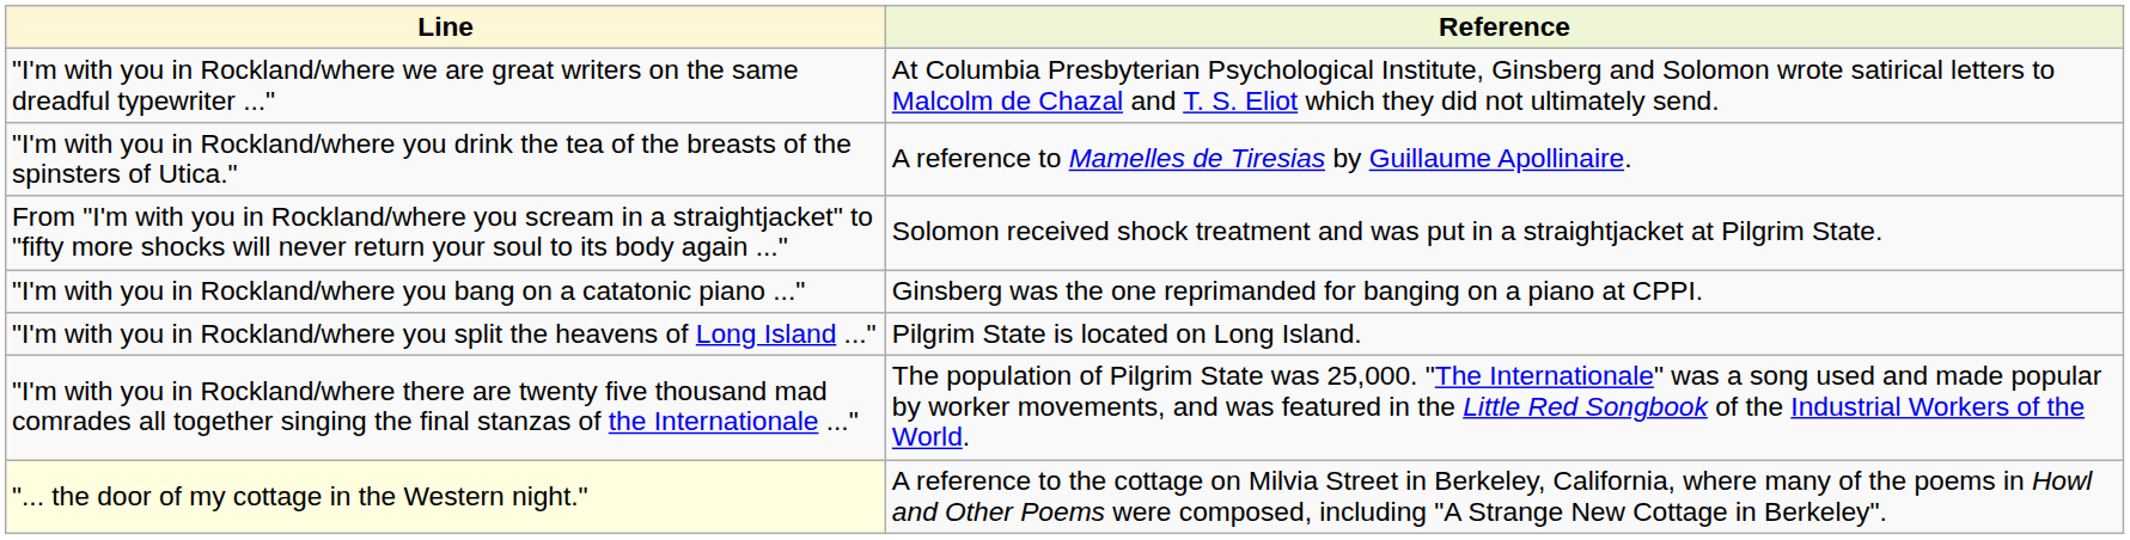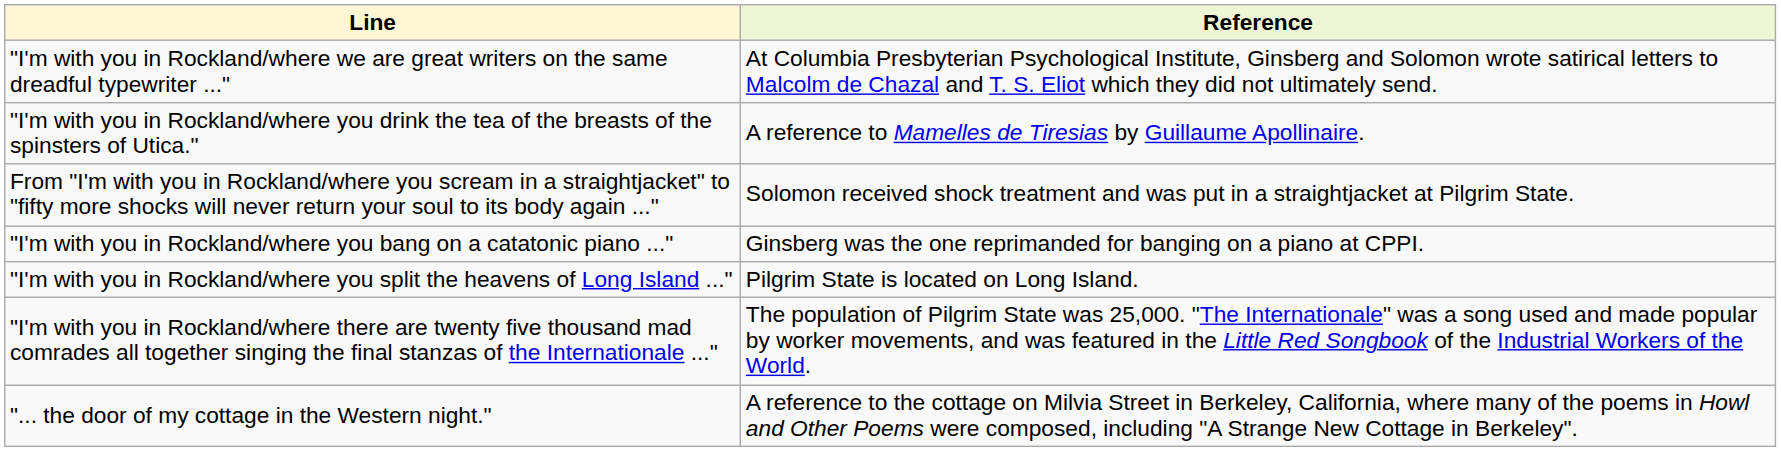 <table class="wikitable">
 <tr>
 <th style="background:#FFF6D6;">Line</th>
 <th colspan="2" style="background:#EEF6D6;">Reference</th>
 </tr>
 <tr>
 <td>"I'm with you in Rockland/where we are great writers on the same dreadful typewriter ..."</td>
 <td>At Columbia Presbyterian Psychological Institute, Ginsberg and Solomon wrote satirical letters to <a href='#'>Malcolm de Chazal</a> and <a href='#'>T. S. Eliot</a> which they did not ultimately send.</td>
 </tr>
 <tr>
 <td>"I'm with you in Rockland/where you drink the tea of the breasts of the spinsters of Utica."</td>
 <td>A reference to <em><a href='#'>Mamelles de Tiresias</a></em> by <a href='#'>Guillaume Apollinaire</a>.</td>
 </tr>
 <tr>
 <td>From "I'm with you in Rockland/where you scream in a straightjacket" to "fifty more shocks will never return your soul to its body again ..."</td>
 <td>Solomon received shock treatment and was put in a straightjacket at Pilgrim State.</td>
 </tr>
 <tr>
 <td>"I'm with you in Rockland/where you bang on a catatonic piano ..."</td>
 <td>Ginsberg was the one reprimanded for banging on a piano at CPPI.</td>
 </tr>
 <tr>
 <td>"I'm with you in Rockland/where you split the heavens of <a href='#'>Long Island</a> ..."</td>
 <td>Pilgrim State is located on Long Island.</td>
 </tr>
 <tr>
 <td>"I'm with you in Rockland/where there are twenty five thousand mad comrades all together singing the final stanzas of <a href='#'>the Internationale</a> ..."</td>
 <td>The population of Pilgrim State was 25,000. "<a href='#'>The Internationale</a>" was a song used and made popular by worker movements, and was featured in the <em><a href='#'>Little Red Songbook</a></em> of the <a href='#'>Industrial Workers of the World</a>.</td>
 </tr>
 <tr>
-<td style="background: lightyellow;">"... the door of my cottage in the Western night."</td>
+<td>"... the door of my cottage in the Western night."</td>
 <td>A reference to the cottage on Milvia Street in Berkeley, California, where many of the poems in <em>Howl and Other Poems</em> were composed, including "A Strange New Cottage in Berkeley".</td>
 </tr>
 </table>
